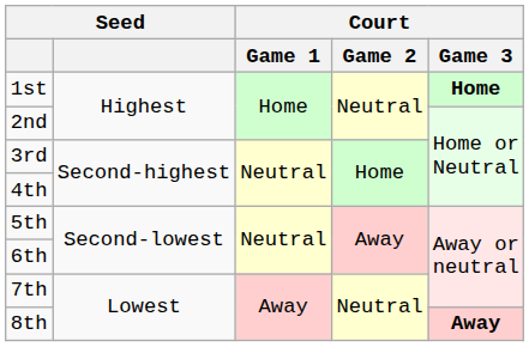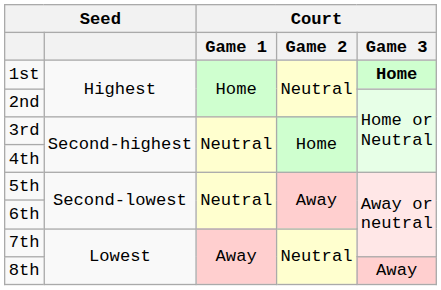 <table class="wikitable" style="text-align: center;">
 <tr>
 <th colspan="2">Seed</th>
 <th colspan="4">Court</th>
 </tr>
 <tr>
 <th></th>
 <th></th>
 <th>Game 1</th>
 <th>Game 2</th>
 <th>Game 3</th>
 </tr>
 <tr>
 <td>1st</td>
 <td rowspan="2">Highest</td>
 <td rowspan="2" style="background:#CFFFCF;">Home</td>
 <td rowspan="2" style="background:#FFFFCF;">Neutral</td>
 <td style="background:#CFFFCF;"><strong>Home</strong></td>
 </tr>
 <tr>
 <td>2nd</td>
 <td rowspan="3" style="background:#E7FFE7;">Home or <br> Neutral</td>
 </tr>
 <tr>
 <td>3rd</td>
 <td rowspan="2">Second-highest</td>
 <td rowspan="2" style="background:#FFFFCF;">Neutral</td>
 <td rowspan="2" style="background:#CFFFCF;">Home</td>
 </tr>
 <tr>
 <td>4th</td>
 </tr>
 <tr>
 <td>5th</td>
 <td rowspan="2">Second-lowest</td>
 <td rowspan="2" style="background:#FFFFCF;">Neutral</td>
 <td rowspan="2" style="background:#FFCFCF;">Away</td>
 <td rowspan="3" style="background:#FFE7E7;">Away or <br> neutral</td>
 </tr>
 <tr>
 <td>6th</td>
 </tr>
 <tr>
 <td>7th</td>
 <td rowspan="2">Lowest</td>
 <td rowspan="2" style="background:#FFCFCF;">Away</td>
 <td rowspan="2" style="background:#FFFFCF;">Neutral</td>
 </tr>
 <tr>
 <td>8th</td>
-<td style="background:#FFCFCF;"><strong>Away</strong></td>
+<td style="background:#FFCFCF;">Away</td>
 </tr>
 </table>
